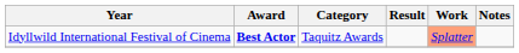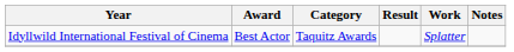 <table class="wikitable sortable">
 <tr>
 <th>Year</th>
 <th>Award</th>
 <th>Category</th>
 <th>Result</th>
 <th>Work</th>
 <th>Notes</th>
 </tr>
 <tr>
 <td><a href='#'>Idyllwild International Festival of Cinema</a></td>
-<td><strong><a href='#'>Best Actor</a></strong></td>
+<td><a href='#'>Best Actor</a></td>
 <td><a href='#'>Taquitz Awards</a></td>
 <td></td>
-<td style="background: lightsalmon;"><em><a href='#'>Splatter</a></em></td>
+<td><em><a href='#'>Splatter</a></em></td>
 <td></td>
 </tr>
 <tr>
 </tr>
 </table>
